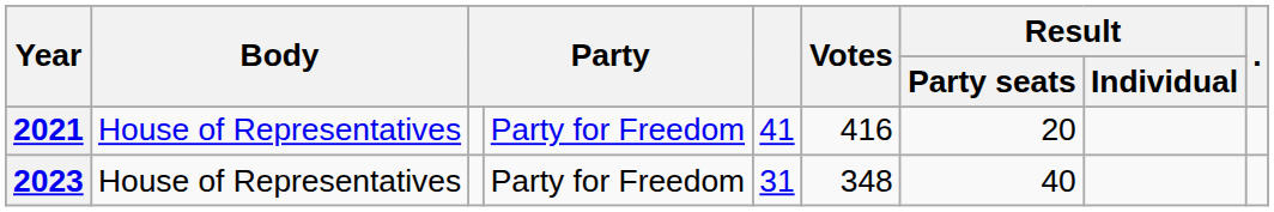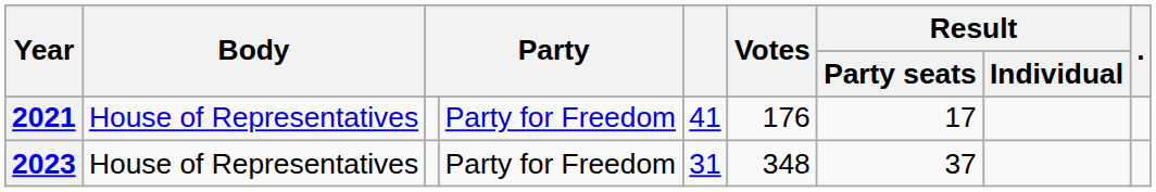 <table class="wikitable plainrowheaders sortable" border=2 cellpadding=4 cellspacing=0 style="border: 1px #aaa solid; font-size: 90%; text-align:center;">
 <tr>
 <th scope="col" rowspan=2>Year</th>
 <th scope="col" rowspan=2>Body</th>
 <th scope="col" colspan=2 rowspan=2>Party</th>
 <th scope="col" rowspan=2></th>
 <th scope="col" rowspan=2>Votes</th>
 <th scope="colgroup" colspan=2>Result</th>
 <th scope="col" rowspan=2 class="unsortable">.</th>
 </tr>
 <tr>
 <th scope="col">Party seats</th>
 <th scope="col">Individual</th>
 </tr>
 <tr>
 <th scope="row"><a href='#'>2021</a></th>
 <td><a href='#'>House of Representatives</a></td>
 <td style="background-color:"></td>
 <td><a href='#'>Party for Freedom</a></td>
 <td style=text-align:right><a href='#'>41</a></td>
-<td style=text-align:right>416</td>
-<td style=text-align:right>20</td>
+<td style=text-align:right>176</td>
+<td style=text-align:right>17</td>
 <td></td>
 <td></td>
 </tr>
 <tr>
 <th scope="row"><a href='#'>2023</a></th>
 <td>House of Representatives</td>
 <td style="background-color:"></td>
 <td>Party for Freedom</td>
 <td style=text-align:right><a href='#'>31</a></td>
 <td style=text-align:right>348</td>
-<td style=text-align:right>40</td>
+<td style=text-align:right>37</td>
 <td></td>
 <td></td>
 </tr>
 </table>
